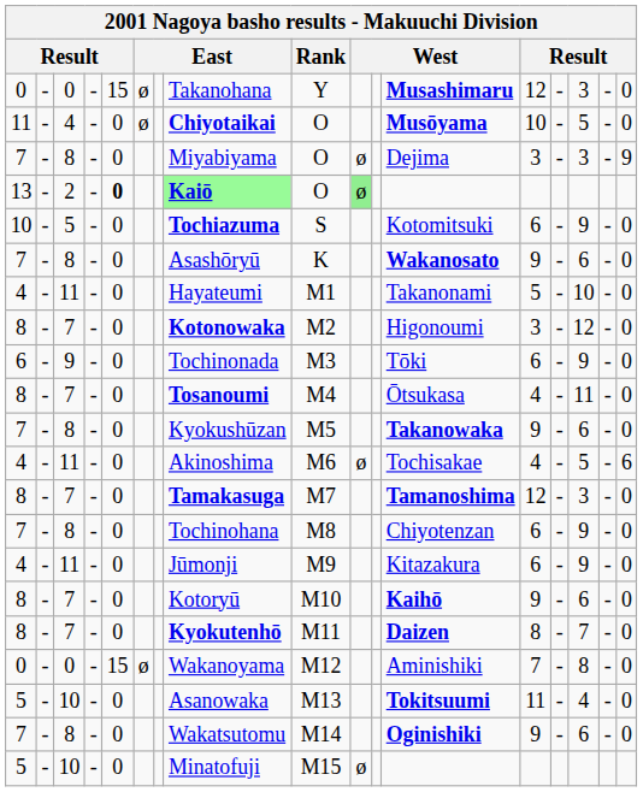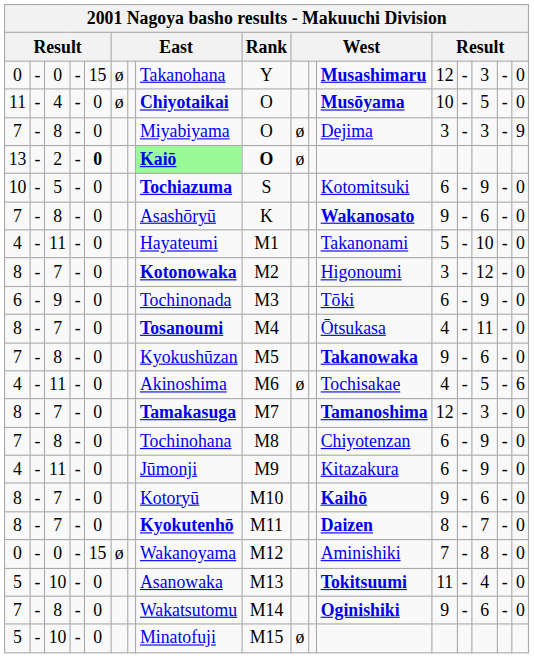 <table class="wikitable">
 <tr>
 <th colspan="17">2001 Nagoya basho results - Makuuchi Division</th>
 </tr>
 <tr>
 <th colspan="5">Result</th>
 <th colspan="3">East</th>
 <th>Rank</th>
 <th colspan="3">West</th>
 <th colspan="5">Result</th>
 </tr>
 <tr>
 <td align=center>0</td>
 <td align=center>-</td>
 <td align=center>0</td>
 <td align=center>-</td>
 <td align=center>15</td>
 <td align=center>ø</td>
 <td align=center></td>
 <td><a href='#'>Takanohana</a></td>
 <td align=center>Y</td>
 <td align=center></td>
 <td align=center></td>
 <td><strong><a href='#'>Musashimaru</a></strong></td>
 <td align=center>12</td>
 <td align=center>-</td>
 <td align=center>3</td>
 <td align=center>-</td>
 <td align=center>0</td>
 </tr>
 <tr>
 <td align=center>11</td>
 <td align=center>-</td>
 <td align=center>4</td>
 <td align=center>-</td>
 <td align=center>0</td>
 <td align=center>ø</td>
 <td align=center></td>
 <td><strong><a href='#'>Chiyotaikai</a></strong></td>
 <td align=center>O</td>
 <td align=center></td>
 <td align=center></td>
 <td><strong><a href='#'>Musōyama</a></strong></td>
 <td align=center>10</td>
 <td align=center>-</td>
 <td align=center>5</td>
 <td align=center>-</td>
 <td align=center>0</td>
 </tr>
 <tr>
 <td align=center>7</td>
 <td align=center>-</td>
 <td align=center>8</td>
 <td align=center>-</td>
 <td align=center>0</td>
 <td align=center></td>
 <td align=center></td>
 <td><a href='#'>Miyabiyama</a></td>
 <td align=center>O</td>
 <td align=center>ø</td>
 <td align=center></td>
 <td><a href='#'>Dejima</a></td>
 <td align=center>3</td>
 <td align=center>-</td>
 <td align=center>3</td>
 <td align=center>-</td>
 <td align=center>9</td>
 </tr>
 <tr>
 <td align=center>13</td>
 <td align=center>-</td>
 <td align=center>2</td>
 <td align=center>-</td>
 <td align=center><strong>0</strong></td>
 <td align=center></td>
 <td align=center></td>
 <td style="background: PaleGreen;"><strong><a href='#'>Kaiō</a></strong></td>
-<td align=center>O</td>
-<td align=center style="background: lightgreen;">ø</td>
+<td align=center><strong>O</strong></td>
+<td align=center>ø</td>
 <td align=center></td>
 <td></td>
 <td align=center></td>
 <td align=center></td>
 <td align=center></td>
 <td align=center></td>
 <td align=center></td>
 </tr>
 <tr>
 <td align=center>10</td>
 <td align=center>-</td>
 <td align=center>5</td>
 <td align=center>-</td>
 <td align=center>0</td>
 <td align=center></td>
 <td align=center></td>
 <td><strong><a href='#'>Tochiazuma</a></strong></td>
 <td align=center>S</td>
 <td align=center></td>
 <td align=center></td>
 <td><a href='#'>Kotomitsuki</a></td>
 <td align=center>6</td>
 <td align=center>-</td>
 <td align=center>9</td>
 <td align=center>-</td>
 <td align=center>0</td>
 </tr>
 <tr>
 <td align=center>7</td>
 <td align=center>-</td>
 <td align=center>8</td>
 <td align=center>-</td>
 <td align=center>0</td>
 <td align=center></td>
 <td align=center></td>
 <td><a href='#'>Asashōryū</a></td>
 <td align=center>K</td>
 <td align=center></td>
 <td align=center></td>
 <td><strong><a href='#'>Wakanosato</a></strong></td>
 <td align=center>9</td>
 <td align=center>-</td>
 <td align=center>6</td>
 <td align=center>-</td>
 <td align=center>0</td>
 </tr>
 <tr>
 <td align=center>4</td>
 <td align=center>-</td>
 <td align=center>11</td>
 <td align=center>-</td>
 <td align=center>0</td>
 <td align=center></td>
 <td align=center></td>
 <td><a href='#'>Hayateumi</a></td>
 <td align=center>M1</td>
 <td align=center></td>
 <td align=center></td>
 <td><a href='#'>Takanonami</a></td>
 <td align=center>5</td>
 <td align=center>-</td>
 <td align=center>10</td>
 <td align=center>-</td>
 <td align=center>0</td>
 </tr>
 <tr>
 <td align=center>8</td>
 <td align=center>-</td>
 <td align=center>7</td>
 <td align=center>-</td>
 <td align=center>0</td>
 <td align=center></td>
 <td align=center></td>
 <td><strong><a href='#'>Kotonowaka</a></strong></td>
 <td align=center>M2</td>
 <td align=center></td>
 <td align=center></td>
 <td><a href='#'>Higonoumi</a></td>
 <td align=center>3</td>
 <td align=center>-</td>
 <td align=center>12</td>
 <td align=center>-</td>
 <td align=center>0</td>
 </tr>
 <tr>
 <td align=center>6</td>
 <td align=center>-</td>
 <td align=center>9</td>
 <td align=center>-</td>
 <td align=center>0</td>
 <td align=center></td>
 <td align=center></td>
 <td><a href='#'>Tochinonada</a></td>
 <td align=center>M3</td>
 <td align=center></td>
 <td align=center></td>
 <td><a href='#'>Tōki</a></td>
 <td align=center>6</td>
 <td align=center>-</td>
 <td align=center>9</td>
 <td align=center>-</td>
 <td align=center>0</td>
 </tr>
 <tr>
 <td align=center>8</td>
 <td align=center>-</td>
 <td align=center>7</td>
 <td align=center>-</td>
 <td align=center>0</td>
 <td align=center></td>
 <td align=center></td>
 <td><strong><a href='#'>Tosanoumi</a></strong></td>
 <td align=center>M4</td>
 <td align=center></td>
 <td align=center></td>
 <td><a href='#'>Ōtsukasa</a></td>
 <td align=center>4</td>
 <td align=center>-</td>
 <td align=center>11</td>
 <td align=center>-</td>
 <td align=center>0</td>
 </tr>
 <tr>
 <td align=center>7</td>
 <td align=center>-</td>
 <td align=center>8</td>
 <td align=center>-</td>
 <td align=center>0</td>
 <td align=center></td>
 <td align=center></td>
 <td><a href='#'>Kyokushūzan</a></td>
 <td align=center>M5</td>
 <td align=center></td>
 <td align=center></td>
 <td><strong><a href='#'>Takanowaka</a></strong></td>
 <td align=center>9</td>
 <td align=center>-</td>
 <td align=center>6</td>
 <td align=center>-</td>
 <td align=center>0</td>
 </tr>
 <tr>
 <td align=center>4</td>
 <td align=center>-</td>
 <td align=center>11</td>
 <td align=center>-</td>
 <td align=center>0</td>
 <td align=center></td>
 <td align=center></td>
 <td><a href='#'>Akinoshima</a></td>
 <td align=center>M6</td>
 <td align=center>ø</td>
 <td align=center></td>
 <td><a href='#'>Tochisakae</a></td>
 <td align=center>4</td>
 <td align=center>-</td>
 <td align=center>5</td>
 <td align=center>-</td>
 <td align=center>6</td>
 </tr>
 <tr>
 <td align=center>8</td>
 <td align=center>-</td>
 <td align=center>7</td>
 <td align=center>-</td>
 <td align=center>0</td>
 <td align=center></td>
 <td align=center></td>
 <td><strong><a href='#'>Tamakasuga</a></strong></td>
 <td align=center>M7</td>
 <td align=center></td>
 <td align=center></td>
 <td><strong><a href='#'>Tamanoshima</a></strong></td>
 <td align=center>12</td>
 <td align=center>-</td>
 <td align=center>3</td>
 <td align=center>-</td>
 <td align=center>0</td>
 </tr>
 <tr>
 <td align=center>7</td>
 <td align=center>-</td>
 <td align=center>8</td>
 <td align=center>-</td>
 <td align=center>0</td>
 <td align=center></td>
 <td align=center></td>
 <td><a href='#'>Tochinohana</a></td>
 <td align=center>M8</td>
 <td align=center></td>
 <td align=center></td>
 <td><a href='#'>Chiyotenzan</a></td>
 <td align=center>6</td>
 <td align=center>-</td>
 <td align=center>9</td>
 <td align=center>-</td>
 <td align=center>0</td>
 </tr>
 <tr>
 <td align=center>4</td>
 <td align=center>-</td>
 <td align=center>11</td>
 <td align=center>-</td>
 <td align=center>0</td>
 <td align=center></td>
 <td align=center></td>
 <td><a href='#'>Jūmonji</a></td>
 <td align=center>M9</td>
 <td align=center></td>
 <td align=center></td>
 <td><a href='#'>Kitazakura</a></td>
 <td align=center>6</td>
 <td align=center>-</td>
 <td align=center>9</td>
 <td align=center>-</td>
 <td align=center>0</td>
 </tr>
 <tr>
 <td align=center>8</td>
 <td align=center>-</td>
 <td align=center>7</td>
 <td align=center>-</td>
 <td align=center>0</td>
 <td align=center></td>
 <td align=center></td>
 <td><a href='#'>Kotoryū</a></td>
 <td align=center>M10</td>
 <td align=center></td>
 <td align=center></td>
 <td><strong><a href='#'>Kaihō</a></strong></td>
 <td align=center>9</td>
 <td align=center>-</td>
 <td align=center>6</td>
 <td align=center>-</td>
 <td align=center>0</td>
 </tr>
 <tr>
 <td align=center>8</td>
 <td align=center>-</td>
 <td align=center>7</td>
 <td align=center>-</td>
 <td align=center>0</td>
 <td align=center></td>
 <td align=center></td>
 <td><strong><a href='#'>Kyokutenhō</a></strong></td>
 <td align=center>M11</td>
 <td align=center></td>
 <td align=center></td>
 <td><strong><a href='#'>Daizen</a></strong></td>
 <td align=center>8</td>
 <td align=center>-</td>
 <td align=center>7</td>
 <td align=center>-</td>
 <td align=center>0</td>
 </tr>
 <tr>
 <td align=center>0</td>
 <td align=center>-</td>
 <td align=center>0</td>
 <td align=center>-</td>
 <td align=center>15</td>
 <td align=center>ø</td>
 <td align=center></td>
 <td><a href='#'>Wakanoyama</a></td>
 <td align=center>M12</td>
 <td align=center></td>
 <td align=center></td>
 <td><a href='#'>Aminishiki</a></td>
 <td align=center>7</td>
 <td align=center>-</td>
 <td align=center>8</td>
 <td align=center>-</td>
 <td align=center>0</td>
 </tr>
 <tr>
 <td align=center>5</td>
 <td align=center>-</td>
 <td align=center>10</td>
 <td align=center>-</td>
 <td align=center>0</td>
 <td align=center></td>
 <td align=center></td>
 <td><a href='#'>Asanowaka</a></td>
 <td align=center>M13</td>
 <td align=center></td>
 <td align=center></td>
 <td><strong><a href='#'>Tokitsuumi</a></strong></td>
 <td align=center>11</td>
 <td align=center>-</td>
 <td align=center>4</td>
 <td align=center>-</td>
 <td align=center>0</td>
 </tr>
 <tr>
 <td align=center>7</td>
 <td align=center>-</td>
 <td align=center>8</td>
 <td align=center>-</td>
 <td align=center>0</td>
 <td align=center></td>
 <td align=center></td>
 <td><a href='#'>Wakatsutomu</a></td>
 <td align=center>M14</td>
 <td align=center></td>
 <td align=center></td>
 <td><strong><a href='#'>Oginishiki</a></strong></td>
 <td align=center>9</td>
 <td align=center>-</td>
 <td align=center>6</td>
 <td align=center>-</td>
 <td align=center>0</td>
 </tr>
 <tr>
 <td align=center>5</td>
 <td align=center>-</td>
 <td align=center>10</td>
 <td align=center>-</td>
 <td align=center>0</td>
 <td align=center></td>
 <td align=center></td>
 <td><a href='#'>Minatofuji</a></td>
 <td align=center>M15</td>
 <td align=center>ø</td>
 <td align=center></td>
 <td></td>
 <td align=center></td>
 <td align=center></td>
 <td align=center></td>
 <td align=center></td>
 <td align=center></td>
 </tr>
 </table>
